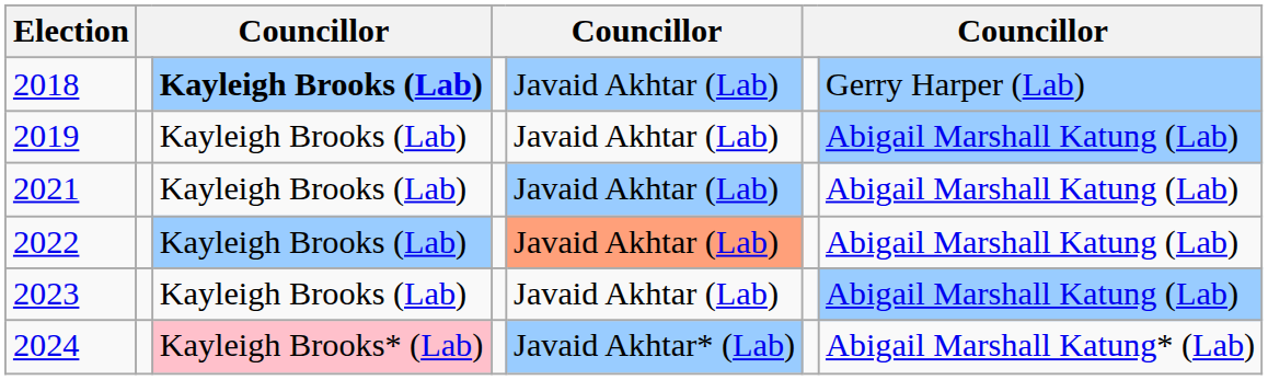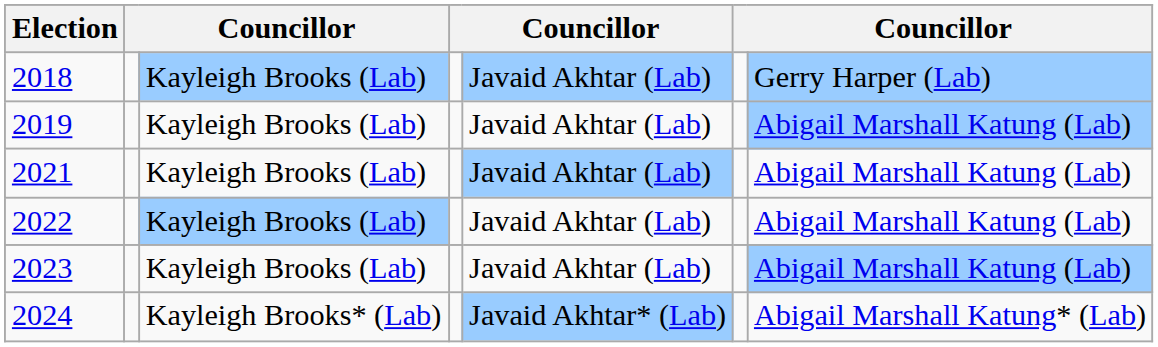 <table class="wikitable">
 <tr>
 <th>Election</th>
 <th colspan="2">Councillor</th>
 <th colspan="2">Councillor</th>
 <th colspan="2">Councillor</th>
 </tr>
 <tr>
 <td><a href='#'>2018</a></td>
 <td style="background-color: "></td>
-<td bgcolor="#99CCFF"><strong>Kayleigh Brooks (<a href='#'>Lab</a>)</strong></td>
+<td bgcolor="#99CCFF">Kayleigh Brooks (<a href='#'>Lab</a>)</td>
 <td style="background-color: "></td>
 <td bgcolor="#99CCFF">Javaid Akhtar (<a href='#'>Lab</a>)</td>
 <td style="background-color: "></td>
 <td bgcolor="#99CCFF">Gerry Harper (<a href='#'>Lab</a>)</td>
 </tr>
 <tr>
 <td><a href='#'>2019</a></td>
 <td style="background-color: "></td>
 <td>Kayleigh Brooks (<a href='#'>Lab</a>)</td>
 <td style="background-color: "></td>
 <td>Javaid Akhtar (<a href='#'>Lab</a>)</td>
 <td style="background-color: "></td>
 <td bgcolor="#99CCFF"><a href='#'>Abigail Marshall Katung</a> (<a href='#'>Lab</a>)</td>
 </tr>
 <tr>
 <td><a href='#'>2021</a></td>
 <td style="background-color: "></td>
 <td>Kayleigh Brooks (<a href='#'>Lab</a>)</td>
 <td style="background-color: "></td>
 <td bgcolor="#99CCFF">Javaid Akhtar (<a href='#'>Lab</a>)</td>
 <td style="background-color: "></td>
 <td><a href='#'>Abigail Marshall Katung</a> (<a href='#'>Lab</a>)</td>
 </tr>
 <tr>
 <td><a href='#'>2022</a></td>
 <td style="background-color: "></td>
 <td bgcolor="#99CCFF">Kayleigh Brooks (<a href='#'>Lab</a>)</td>
 <td style="background-color: "></td>
-<td style="background: lightsalmon;">Javaid Akhtar (<a href='#'>Lab</a>)</td>
+<td>Javaid Akhtar (<a href='#'>Lab</a>)</td>
 <td style="background-color: "></td>
 <td><a href='#'>Abigail Marshall Katung</a> (<a href='#'>Lab</a>)</td>
 </tr>
 <tr>
 <td><a href='#'>2023</a></td>
 <td style="background-color: "></td>
 <td>Kayleigh Brooks (<a href='#'>Lab</a>)</td>
 <td style="background-color: "></td>
 <td>Javaid Akhtar (<a href='#'>Lab</a>)</td>
 <td style="background-color: "></td>
 <td bgcolor="#99CCFF"><a href='#'>Abigail Marshall Katung</a> (<a href='#'>Lab</a>)</td>
 </tr>
 <tr>
 <td><a href='#'>2024</a></td>
 <td style="background-color: "></td>
-<td style="background: pink;">Kayleigh Brooks* (<a href='#'>Lab</a>)</td>
+<td>Kayleigh Brooks* (<a href='#'>Lab</a>)</td>
 <td style="background-color: "></td>
 <td bgcolor="#99CCFF">Javaid Akhtar* (<a href='#'>Lab</a>)</td>
 <td style="background-color: "></td>
 <td><a href='#'>Abigail Marshall Katung</a>* (<a href='#'>Lab</a>)</td>
 </tr>
 </table>
